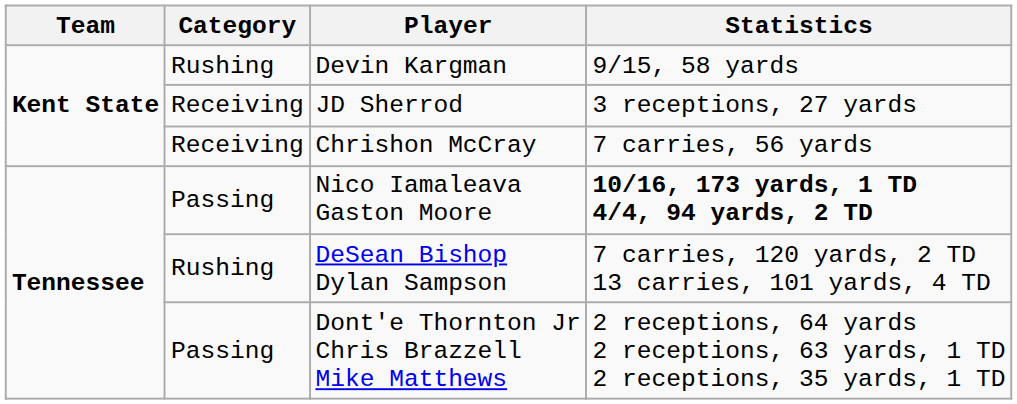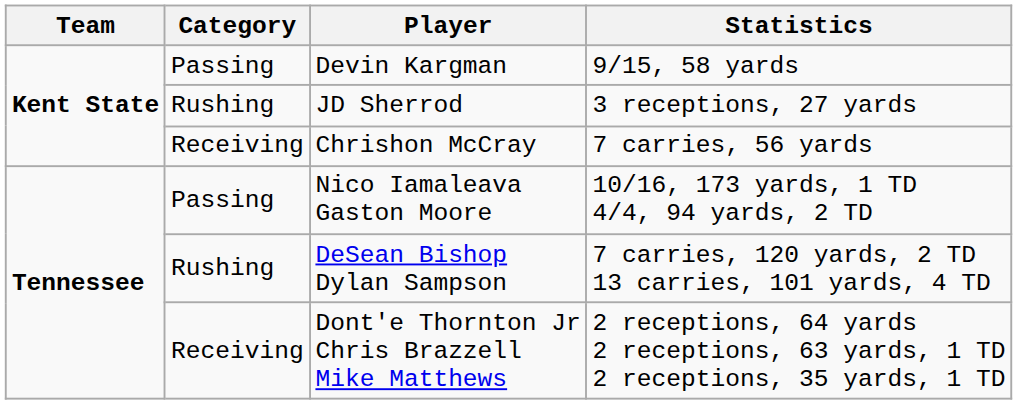 <table class="wikitable" style="float: right;">
 <tr>
 <th>Team</th>
 <th>Category</th>
 <th>Player</th>
 <th>Statistics</th>
 </tr>
 <tr>
 <td rowspan=3><strong>Kent State</strong></td>
-<td>Rushing</td>
+<td>Passing</td>
 <td>Devin Kargman</td>
 <td>9/15, 58 yards</td>
 </tr>
 <tr>
-<td>Receiving</td>
+<td>Rushing</td>
 <td>JD Sherrod</td>
 <td>3 receptions, 27 yards</td>
 </tr>
 <tr>
 <td>Receiving</td>
 <td>Chrishon McCray</td>
 <td>7 carries, 56 yards</td>
 </tr>
 <tr>
 <td rowspan=3><strong>Tennessee</strong></td>
 <td>Passing</td>
 <td>Nico Iamaleava<br>Gaston Moore</td>
-<td><strong>10/16, 173 yards, 1 TD<br>4/4, 94 yards, 2 TD</strong></td>
+<td>10/16, 173 yards, 1 TD<br>4/4, 94 yards, 2 TD</td>
 </tr>
 <tr>
 <td>Rushing</td>
 <td><a href='#'>DeSean Bishop</a><br>Dylan Sampson</td>
 <td>7 carries, 120 yards, 2 TD<br>13 carries, 101 yards, 4 TD</td>
 </tr>
 <tr>
-<td>Passing</td>
+<td>Receiving</td>
 <td>Dont'e Thornton Jr<br>Chris Brazzell<br><a href='#'>Mike Matthews</a></td>
 <td>2 receptions, 64 yards<br>2 receptions, 63 yards, 1 TD<br>2 receptions, 35 yards, 1 TD</td>
 </tr>
 </table>
